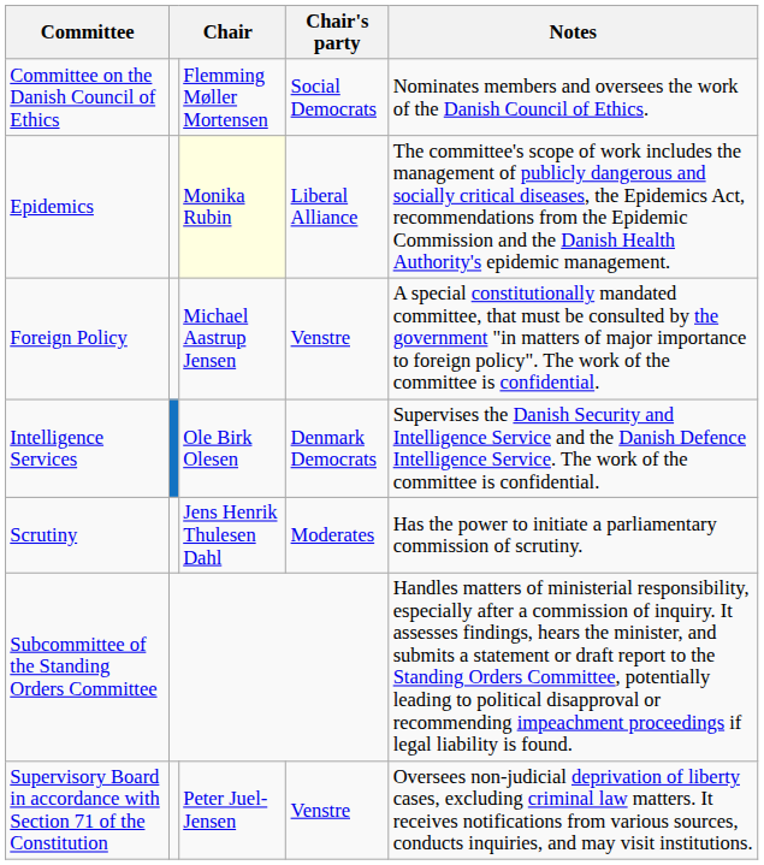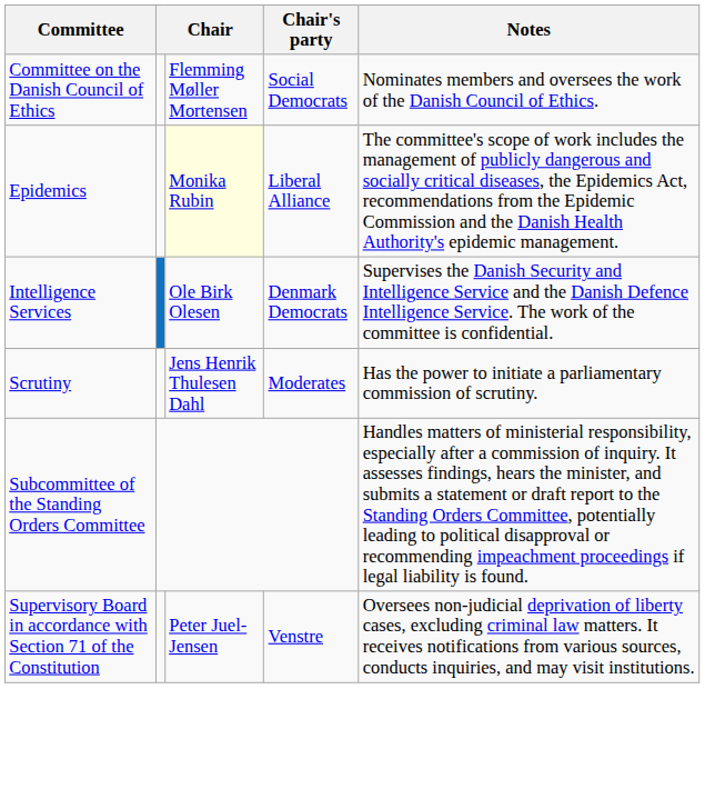 <table class="wikitable sortable">
 <tr>
 <th>Committee</th>
 <th colspan="2">Chair</th>
 <th>Chair's party</th>
 <th>Notes</th>
 </tr>
 <tr>
 <td><a href='#'>Committee on the Danish Council of Ethics</a></td>
 <td style="background:"></td>
 <td><a href='#'>Flemming Møller Mortensen</a></td>
 <td><a href='#'>Social Democrats</a></td>
 <td>Nominates members and oversees the work of the <a href='#'>Danish Council of Ethics</a>.</td>
 </tr>
 <tr>
 <td><a href='#'>Epidemics</a></td>
 <td style="background:"></td>
 <td style="background: lightyellow;"><a href='#'>Monika Rubin</a></td>
 <td><a href='#'>Liberal Alliance</a></td>
 <td>The committee's scope of work includes the management of <a href='#'>publicly dangerous and socially critical diseases</a>, the Epidemics Act, recommendations from the Epidemic Commission and the <a href='#'>Danish Health Authority's</a> epidemic management.</td>
-</tr>
-<tr>
-<td><a href='#'>Foreign Policy</a></td>
-<td style="background:"></td>
-<td><a href='#'>Michael Aastrup Jensen</a></td>
-<td><a href='#'>Venstre</a></td>
-<td>A special <a href='#'>constitutionally</a> mandated committee, that must be consulted by <a href='#'>the government</a> "in matters of major importance to foreign policy". The work of the committee is <a href='#'>confidential</a>.</td>
 </tr>
 <tr>
 <td><a href='#'>Intelligence Services</a></td>
 <td style="background:#1272C2;"></td>
 <td><a href='#'>Ole Birk Olesen</a></td>
 <td><a href='#'>Denmark Democrats</a></td>
 <td>Supervises the <a href='#'>Danish Security and Intelligence Service</a> and the <a href='#'>Danish Defence Intelligence Service</a>. The work of the committee is confidential.</td>
 </tr>
 <tr>
 <td><a href='#'>Scrutiny</a></td>
 <td style="background:"></td>
 <td><a href='#'>Jens Henrik Thulesen Dahl</a></td>
 <td><a href='#'>Moderates</a></td>
 <td>Has the power to initiate a parliamentary commission of scrutiny.</td>
 </tr>
 <tr>
 <td><a href='#'>Subcommittee of the Standing Orders Committee</a></td>
 <td colspan="3"></td>
 <td>Handles matters of ministerial responsibility, especially after a commission of inquiry. It assesses findings, hears the minister, and submits a statement or draft report to the <a href='#'>Standing Orders Committee</a>, potentially leading to political disapproval or recommending <a href='#'>impeachment proceedings</a> if legal liability is found.</td>
 </tr>
 <tr>
 <td><a href='#'>Supervisory Board in accordance with Section 71 of the Constitution</a></td>
 <td style="background:"></td>
 <td><a href='#'>Peter Juel-Jensen</a></td>
 <td><a href='#'>Venstre</a></td>
 <td>Oversees non-judicial <a href='#'>deprivation of liberty</a> cases, excluding <a href='#'>criminal law</a> matters. It receives notifications from various sources, conducts inquiries, and may visit institutions.</td>
 </tr>
 </table>
